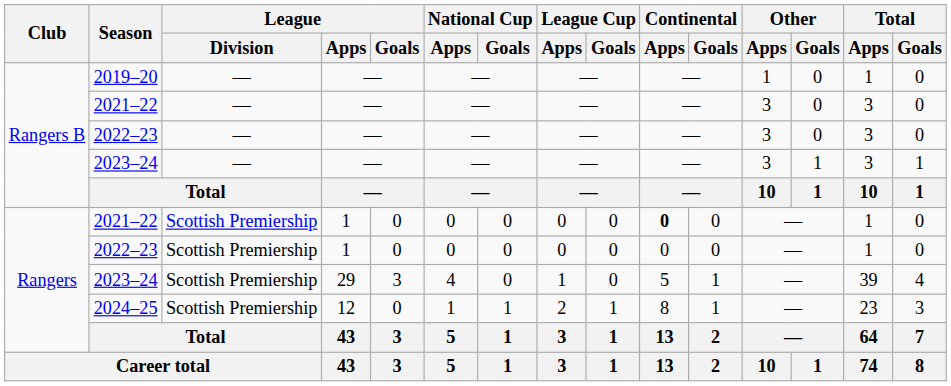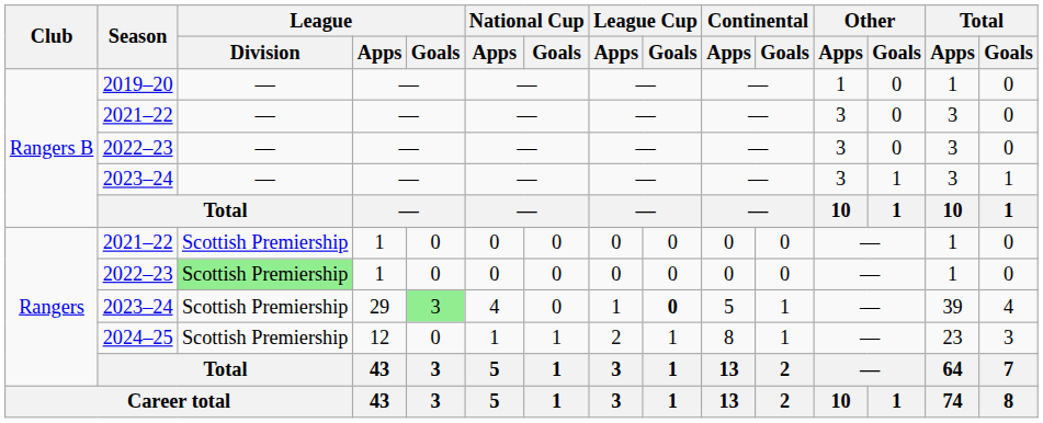 <table class="wikitable" style="text-align:center">
 <tr>
 <th rowspan="2">Club</th>
 <th rowspan="2">Season</th>
 <th colspan="3">League</th>
 <th colspan="2">National Cup</th>
 <th colspan="2">League Cup</th>
 <th colspan="2">Continental</th>
 <th colspan="2">Other</th>
 <th colspan="2">Total</th>
 </tr>
 <tr>
 <th>Division</th>
 <th>Apps</th>
 <th>Goals</th>
 <th>Apps</th>
 <th>Goals</th>
 <th>Apps</th>
 <th>Goals</th>
 <th>Apps</th>
 <th>Goals</th>
 <th>Apps</th>
 <th>Goals</th>
 <th>Apps</th>
 <th>Goals</th>
 </tr>
 <tr>
 <td rowspan="5"><a href='#'>Rangers B</a></td>
 <td><a href='#'>2019–20</a></td>
 <td>—</td>
 <td colspan="2">—</td>
 <td colspan="2">—</td>
 <td colspan="2">—</td>
 <td colspan="2">—</td>
 <td>1</td>
 <td>0</td>
 <td>1</td>
 <td>0</td>
 </tr>
 <tr>
 <td><a href='#'>2021–22</a></td>
 <td>—</td>
 <td colspan="2">—</td>
 <td colspan="2">—</td>
 <td colspan="2">—</td>
 <td colspan="2">—</td>
 <td>3</td>
 <td>0</td>
 <td>3</td>
 <td>0</td>
 </tr>
 <tr>
 <td><a href='#'>2022–23</a></td>
 <td>—</td>
 <td colspan="2">—</td>
 <td colspan="2">—</td>
 <td colspan="2">—</td>
 <td colspan="2">—</td>
 <td>3</td>
 <td>0</td>
 <td>3</td>
 <td>0</td>
 </tr>
 <tr>
 <td><a href='#'>2023–24</a></td>
 <td>—</td>
 <td colspan="2">—</td>
 <td colspan="2">—</td>
 <td colspan="2">—</td>
 <td colspan="2">—</td>
 <td>3</td>
 <td>1</td>
 <td>3</td>
 <td>1</td>
 </tr>
 <tr>
 <th colspan="2">Total</th>
 <th colspan="2">—</th>
 <th colspan="2">—</th>
 <th colspan="2">—</th>
 <th colspan="2">—</th>
 <th>10</th>
 <th>1</th>
 <th>10</th>
 <th>1</th>
 </tr>
 <tr>
 <td rowspan="5"><a href='#'>Rangers</a></td>
 <td><a href='#'>2021–22</a></td>
 <td><a href='#'>Scottish Premiership</a></td>
 <td>1</td>
 <td>0</td>
 <td>0</td>
 <td>0</td>
 <td>0</td>
 <td>0</td>
-<td><strong>0</strong></td>
+<td>0</td>
 <td>0</td>
 <td colspan="2">—</td>
 <td>1</td>
 <td>0</td>
 </tr>
 <tr>
 <td><a href='#'>2022–23</a></td>
-<td>Scottish Premiership</td>
+<td style="background: lightgreen;">Scottish Premiership</td>
 <td>1</td>
 <td>0</td>
 <td>0</td>
 <td>0</td>
 <td>0</td>
 <td>0</td>
 <td>0</td>
 <td>0</td>
 <td colspan="2">—</td>
 <td>1</td>
 <td>0</td>
 </tr>
 <tr>
 <td><a href='#'>2023–24</a></td>
 <td>Scottish Premiership</td>
 <td>29</td>
-<td>3</td>
+<td style="background: lightgreen;">3</td>
 <td>4</td>
 <td>0</td>
 <td>1</td>
-<td>0</td>
+<td><strong>0</strong></td>
 <td>5</td>
 <td>1</td>
 <td colspan="2">—</td>
 <td>39</td>
 <td>4</td>
 </tr>
 <tr>
 <td><a href='#'>2024–25</a></td>
 <td>Scottish Premiership</td>
 <td>12</td>
 <td>0</td>
 <td>1</td>
 <td>1</td>
 <td>2</td>
 <td>1</td>
 <td>8</td>
 <td>1</td>
 <td colspan="2">—</td>
 <td>23</td>
 <td>3</td>
 </tr>
 <tr>
 <th colspan="2">Total</th>
 <th>43</th>
 <th>3</th>
 <th>5</th>
 <th>1</th>
 <th>3</th>
 <th>1</th>
 <th>13</th>
 <th>2</th>
 <th colspan="2">—</th>
 <th>64</th>
 <th>7</th>
 </tr>
 <tr>
 <th colspan="3">Career total</th>
 <th>43</th>
 <th>3</th>
 <th>5</th>
 <th>1</th>
 <th>3</th>
 <th>1</th>
 <th>13</th>
 <th>2</th>
 <th>10</th>
 <th>1</th>
 <th>74</th>
 <th>8</th>
 </tr>
 </table>
